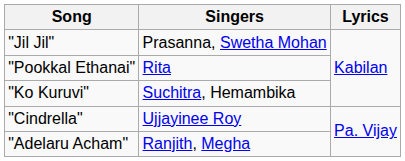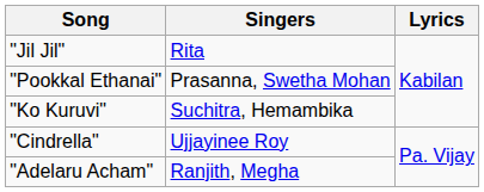 <table class="wikitable">
 <tr>
 <th>Song</th>
 <th>Singers</th>
 <th>Lyrics</th>
 </tr>
 <tr>
 <td>"Jil Jil"</td>
-<td>Prasanna, <a href='#'>Swetha Mohan</a></td>
+<td><a href='#'>Rita</a></td>
 <td rowspan=3><a href='#'>Kabilan</a></td>
 </tr>
 <tr>
 <td>"Pookkal Ethanai"</td>
-<td><a href='#'>Rita</a></td>
+<td>Prasanna, <a href='#'>Swetha Mohan</a></td>
 </tr>
 <tr>
 <td>"Ko Kuruvi"</td>
 <td><a href='#'>Suchitra</a>, Hemambika</td>
 </tr>
 <tr>
 <td>"Cindrella"</td>
 <td><a href='#'>Ujjayinee Roy</a></td>
 <td rowspan=2><a href='#'>Pa. Vijay</a></td>
 </tr>
 <tr>
 <td>"Adelaru Acham"</td>
 <td><a href='#'>Ranjith</a>, <a href='#'>Megha</a></td>
 </tr>
 </table>
